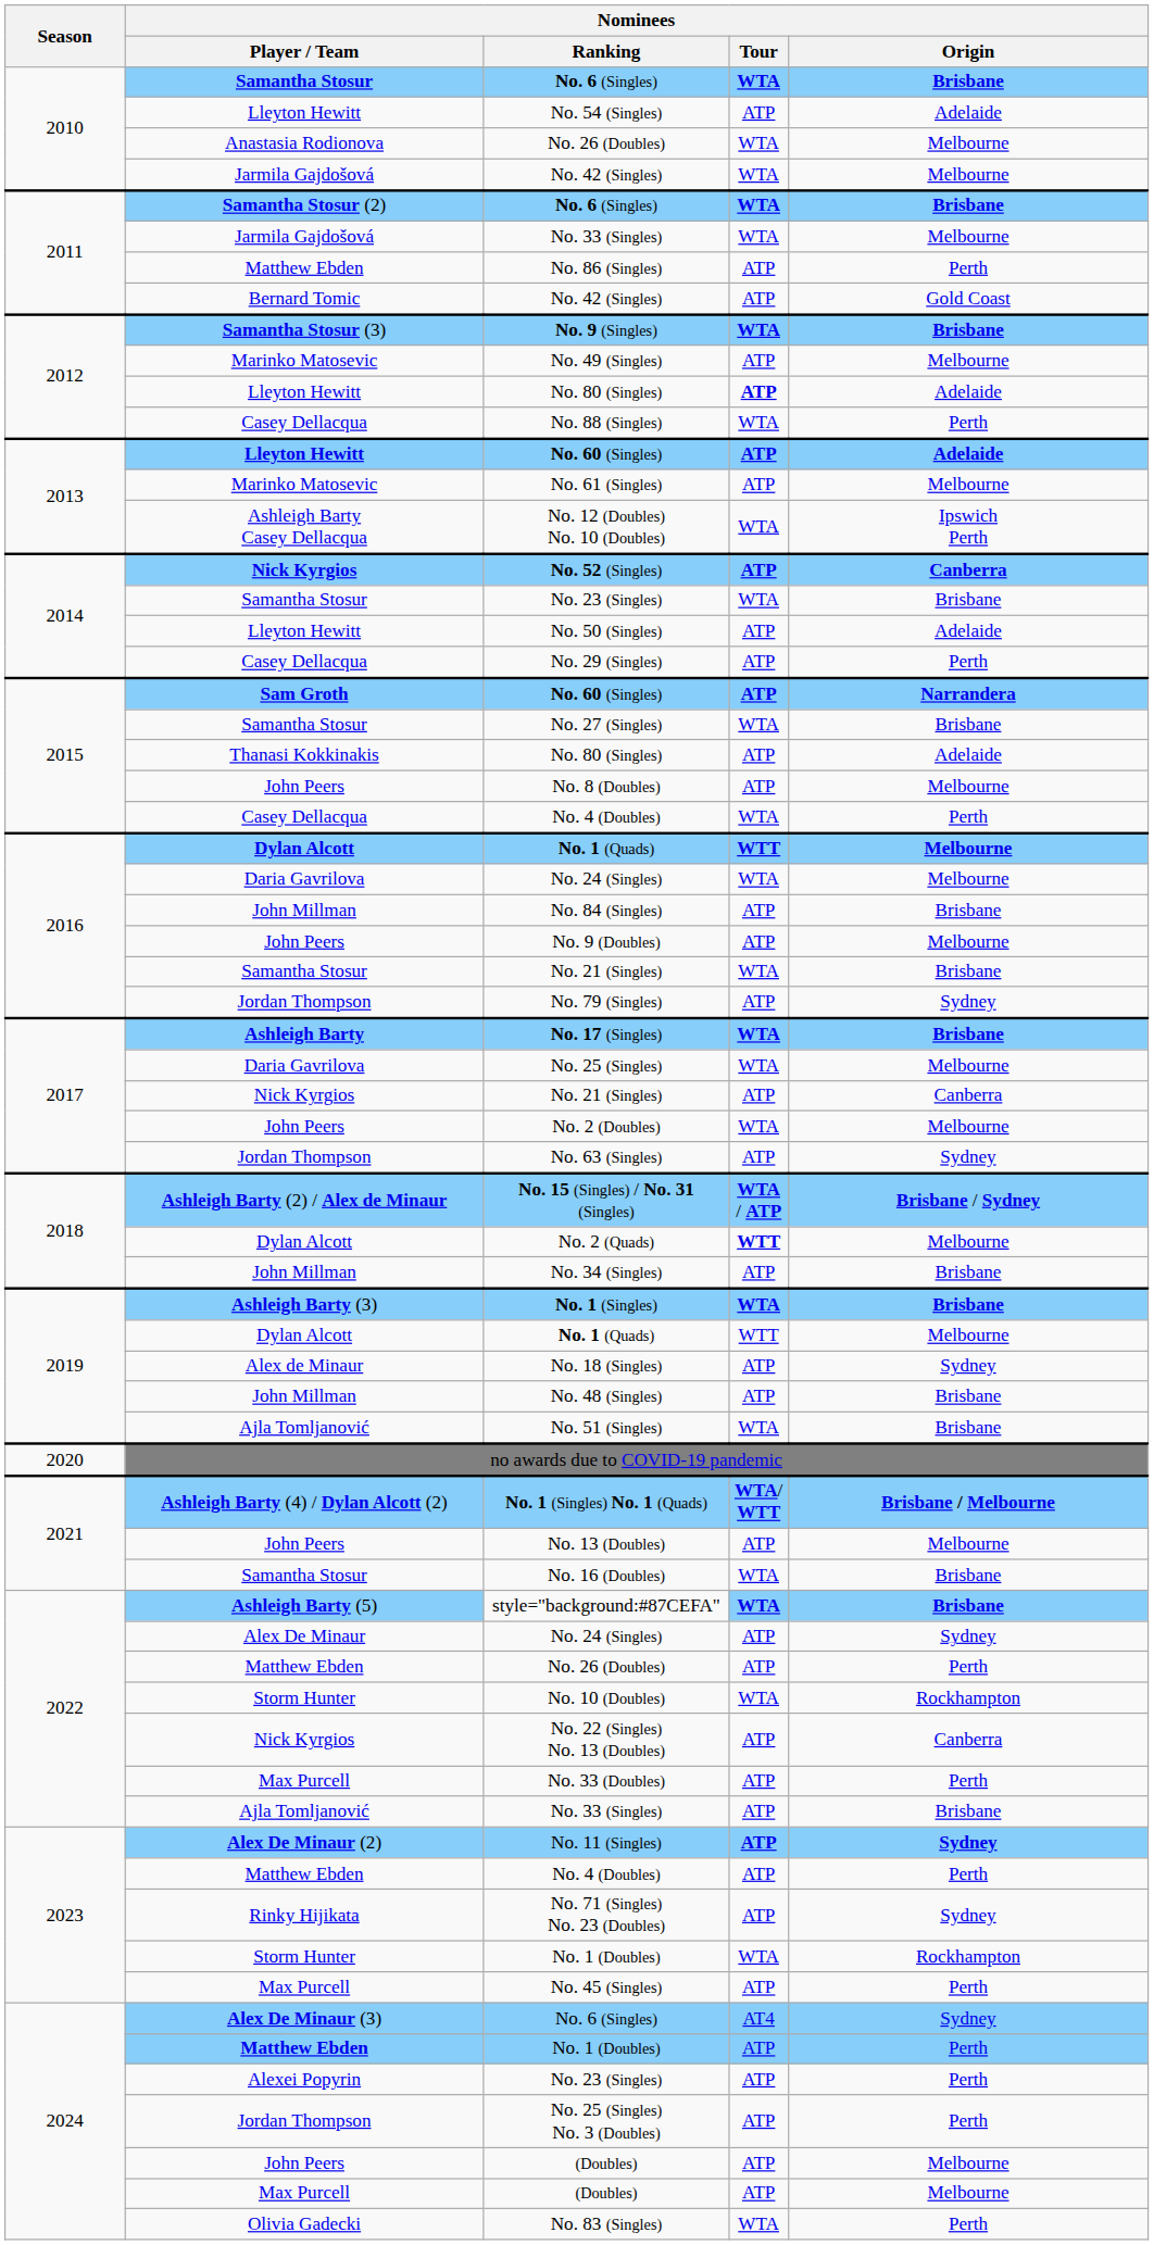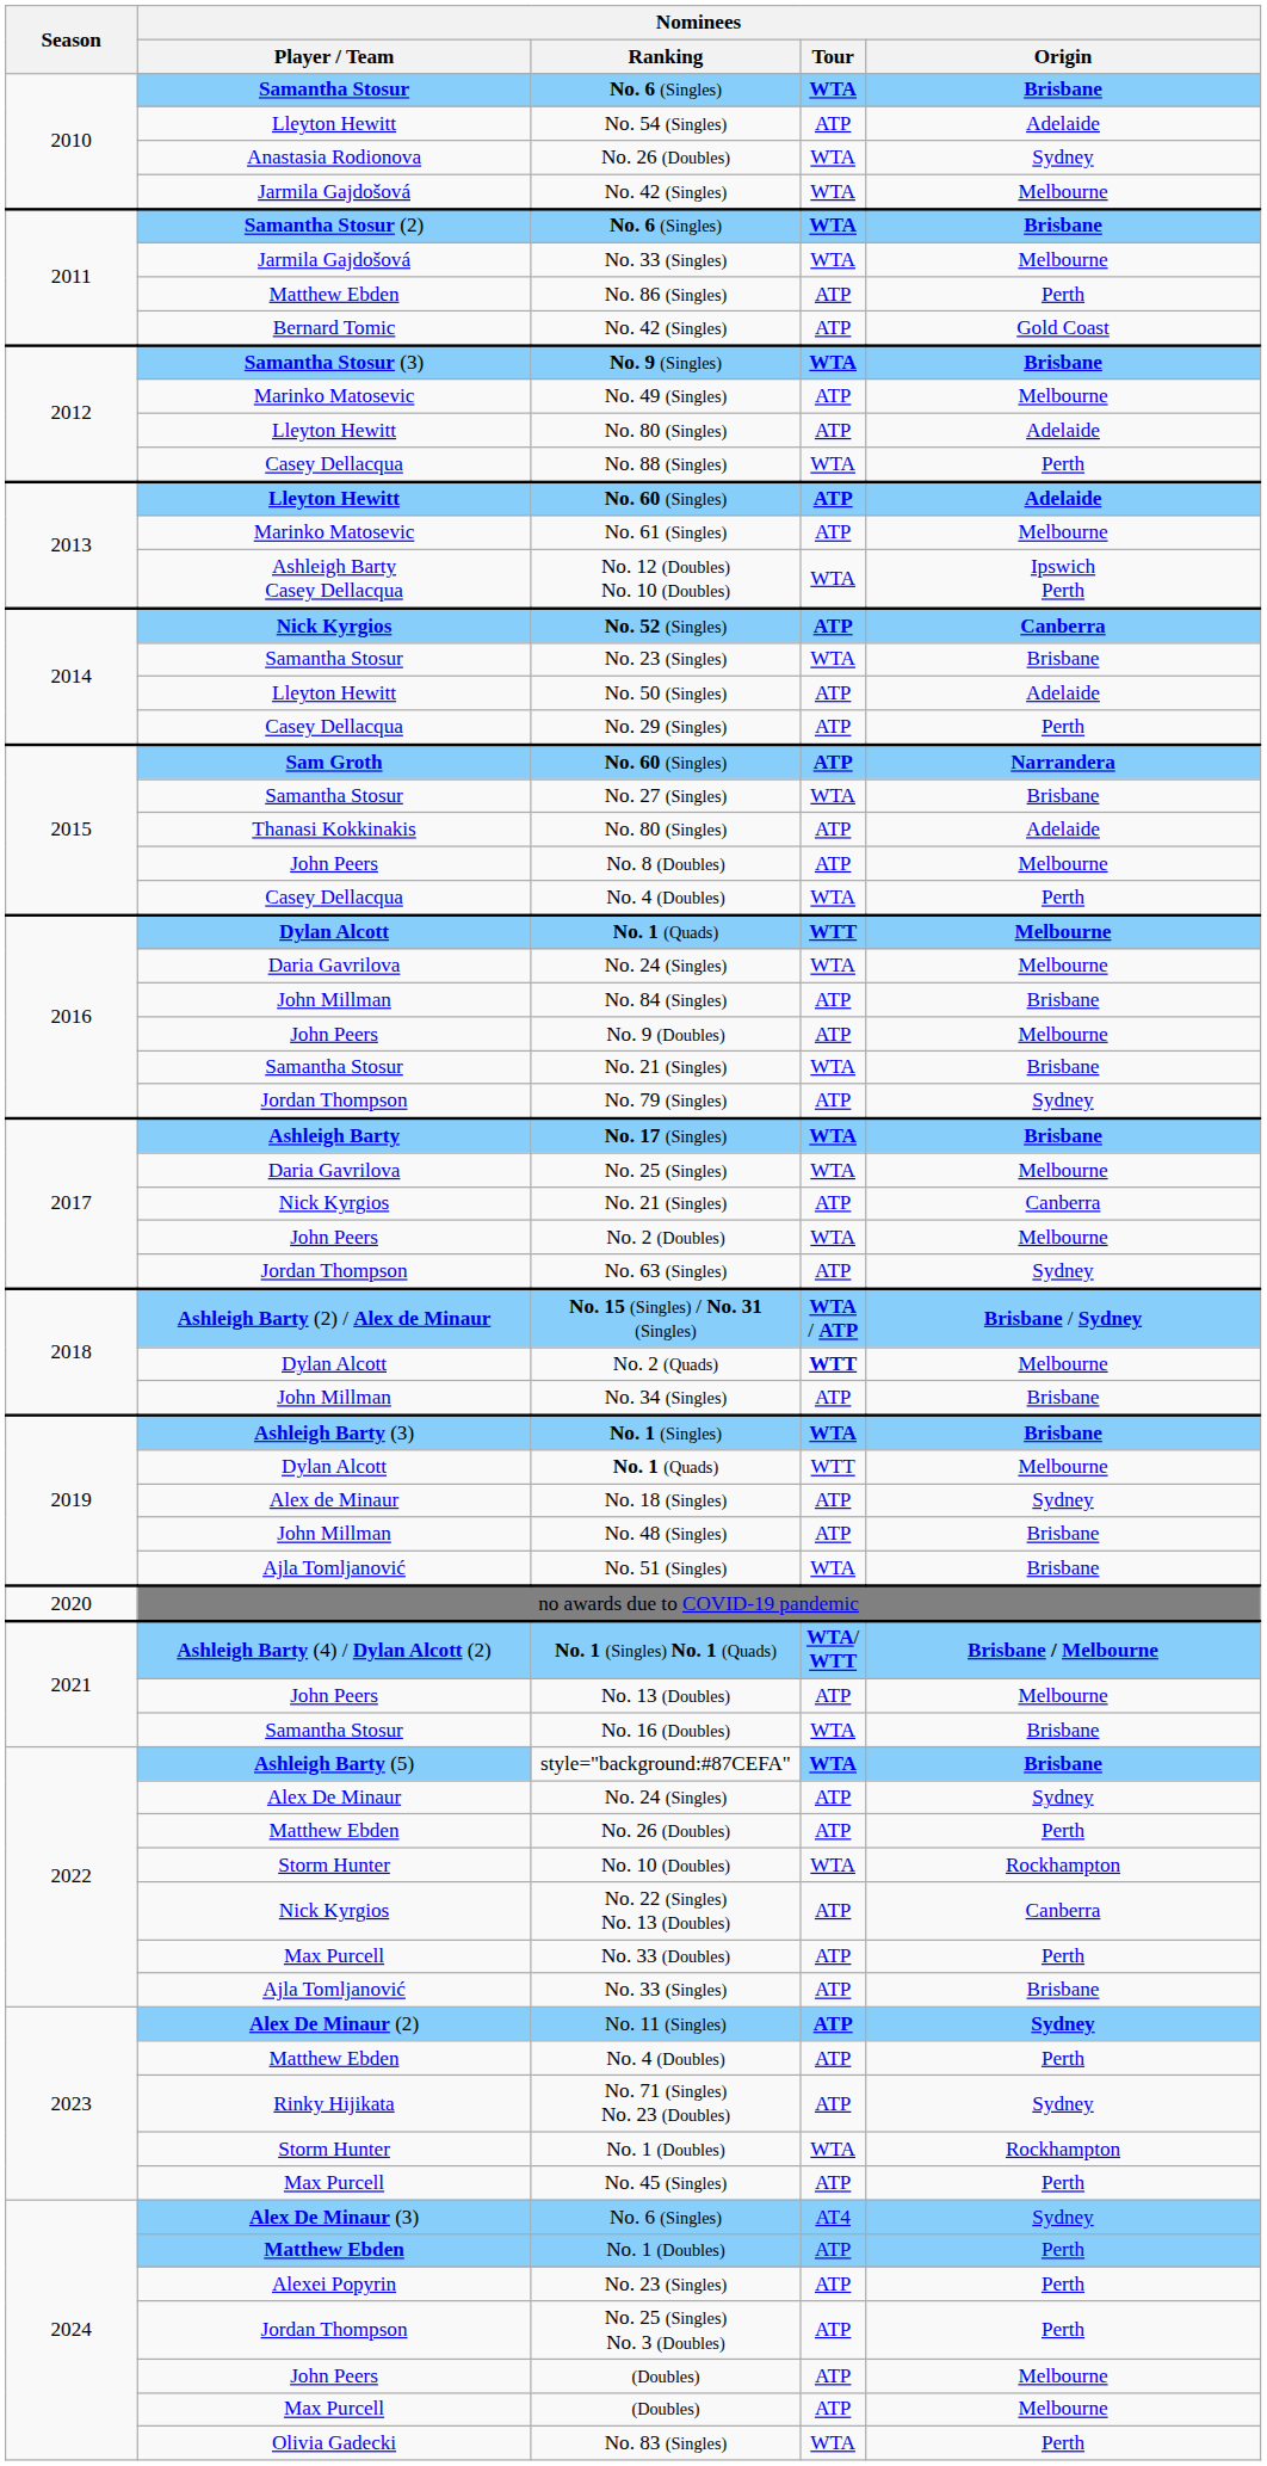 <table class="wikitable" style="width: 70%; text-align:center; font-size:90%">
 <tr>
 <th width=10% rowspan=2><strong>Season</strong></th>
 <th colspan=4><strong>Nominees</strong></th>
 </tr>
 <tr>
 <th width=30%>Player / Team</th>
 <th width=15%>Ranking</th>
 <th width=5%>Tour</th>
 <th width=30%>Origin</th>
 </tr>
 <tr>
 <td rowspan=4>2010</td>
 <td style="background:#87CEFA"><strong><a href='#'>Samantha Stosur</a></strong></td>
 <td style="background:#87CEFA"><strong>No. 6</strong> <small> (Singles) </small></td>
 <td style="background:#87CEFA"><strong><a href='#'>WTA</a></strong></td>
 <td style="background:#87CEFA"><strong><a href='#'>Brisbane</a></strong></td>
 </tr>
 <tr>
 <td><a href='#'>Lleyton Hewitt</a></td>
 <td>No. 54 <small> (Singles) </small></td>
 <td><a href='#'>ATP</a></td>
 <td><a href='#'>Adelaide</a></td>
 </tr>
 <tr>
 <td><a href='#'>Anastasia Rodionova</a></td>
 <td>No. 26 <small> (Doubles) </small></td>
 <td><a href='#'>WTA</a></td>
-<td><a href='#'>Melbourne</a></td>
+<td><a href='#'>Sydney</a></td>
 </tr>
 <tr>
 <td><a href='#'>Jarmila Gajdošová</a></td>
 <td>No. 42 <small> (Singles) </small></td>
 <td><a href='#'>WTA</a></td>
 <td><a href='#'>Melbourne</a></td>
 </tr>
 <tr style = "border-top:2px solid black;">
 <td rowspan=4>2011</td>
 <td style="background:#87CEFA"><strong><a href='#'>Samantha Stosur</a></strong> (2)</td>
 <td style="background:#87CEFA"><strong>No. 6</strong> <small> (Singles) </small></td>
 <td style="background:#87CEFA"><strong><a href='#'>WTA</a></strong></td>
 <td style="background:#87CEFA"><strong><a href='#'>Brisbane</a></strong></td>
 </tr>
 <tr>
 <td><a href='#'>Jarmila Gajdošová</a></td>
 <td>No. 33 <small> (Singles) </small></td>
 <td><a href='#'>WTA</a></td>
 <td><a href='#'>Melbourne</a></td>
 </tr>
 <tr>
 <td><a href='#'>Matthew Ebden</a></td>
 <td>No. 86 <small> (Singles) </small></td>
 <td><a href='#'>ATP</a></td>
 <td><a href='#'>Perth</a></td>
 </tr>
 <tr>
 <td><a href='#'>Bernard Tomic</a></td>
 <td>No. 42 <small> (Singles) </small></td>
 <td><a href='#'>ATP</a></td>
 <td><a href='#'>Gold Coast</a></td>
 </tr>
 <tr style = "border-top:2px solid black;">
 <td rowspan=4>2012</td>
 <td style="background:#87CEFA"><strong><a href='#'>Samantha Stosur</a></strong> (3)</td>
 <td style="background:#87CEFA"><strong>No. 9</strong> <small> (Singles) </small></td>
 <td style="background:#87CEFA"><strong><a href='#'>WTA</a></strong></td>
 <td style="background:#87CEFA"><strong><a href='#'>Brisbane</a></strong></td>
 </tr>
 <tr>
 <td><a href='#'>Marinko Matosevic</a></td>
 <td>No. 49 <small> (Singles) </small></td>
 <td><a href='#'>ATP</a></td>
 <td><a href='#'>Melbourne</a></td>
 </tr>
 <tr>
 <td><a href='#'>Lleyton Hewitt</a></td>
 <td>No. 80 <small> (Singles) </small></td>
-<td><strong><a href='#'>ATP</a></strong></td>
+<td><a href='#'>ATP</a></td>
 <td><a href='#'>Adelaide</a></td>
 </tr>
 <tr>
 <td><a href='#'>Casey Dellacqua</a></td>
 <td>No. 88 <small> (Singles) </small></td>
 <td><a href='#'>WTA</a></td>
 <td><a href='#'>Perth</a></td>
 </tr>
 <tr style = "border-top:2px solid black;">
 <td rowspan=3>2013</td>
 <td style="background:#87CEFA"><strong><a href='#'>Lleyton Hewitt</a></strong></td>
 <td style="background:#87CEFA"><strong>No. 60</strong> <small> (Singles) </small></td>
 <td style="background:#87CEFA"><strong><a href='#'>ATP</a></strong></td>
 <td style="background:#87CEFA"><strong><a href='#'>Adelaide</a></strong></td>
 </tr>
 <tr>
 <td><a href='#'>Marinko Matosevic</a></td>
 <td>No. 61 <small> (Singles) </small></td>
 <td><a href='#'>ATP</a></td>
 <td><a href='#'>Melbourne</a></td>
 </tr>
 <tr>
 <td><a href='#'>Ashleigh Barty</a> <br> <a href='#'>Casey Dellacqua</a></td>
 <td>No. 12 <small> (Doubles) </small> <br> No. 10 <small> (Doubles) </small></td>
 <td><a href='#'>WTA</a></td>
 <td><a href='#'>Ipswich</a><br><a href='#'>Perth</a></td>
 </tr>
 <tr style = "border-top:2px solid black;">
 <td rowspan=4>2014</td>
 <td style="background:#87CEFA"><strong><a href='#'>Nick Kyrgios</a></strong></td>
 <td style="background:#87CEFA"><strong>No. 52</strong> <small> (Singles) </small></td>
 <td style="background:#87CEFA"><strong><a href='#'>ATP</a></strong></td>
 <td style="background:#87CEFA"><strong><a href='#'>Canberra</a></strong></td>
 </tr>
 <tr>
 <td><a href='#'>Samantha Stosur</a></td>
 <td>No. 23 <small> (Singles) </small></td>
 <td><a href='#'>WTA</a></td>
 <td><a href='#'>Brisbane</a></td>
 </tr>
 <tr>
 <td><a href='#'>Lleyton Hewitt</a></td>
 <td>No. 50 <small> (Singles) </small></td>
 <td><a href='#'>ATP</a></td>
 <td><a href='#'>Adelaide</a></td>
 </tr>
 <tr>
 <td><a href='#'>Casey Dellacqua</a></td>
 <td>No. 29 <small> (Singles) </small></td>
 <td><a href='#'>ATP</a></td>
 <td><a href='#'>Perth</a></td>
 </tr>
 <tr style = "border-top:2px solid black;">
 <td rowspan=5>2015</td>
 <td style="background:#87CEFA"><strong><a href='#'>Sam Groth</a></strong></td>
 <td style="background:#87CEFA"><strong>No. 60</strong> <small> (Singles) </small></td>
 <td style="background:#87CEFA"><strong><a href='#'>ATP</a></strong></td>
 <td style="background:#87CEFA"><strong><a href='#'>Narrandera</a></strong></td>
 </tr>
 <tr>
 <td><a href='#'>Samantha Stosur</a></td>
 <td>No. 27 <small> (Singles) </small></td>
 <td><a href='#'>WTA</a></td>
 <td><a href='#'>Brisbane</a></td>
 </tr>
 <tr>
 <td><a href='#'>Thanasi Kokkinakis</a></td>
 <td>No. 80 <small> (Singles) </small></td>
 <td><a href='#'>ATP</a></td>
 <td><a href='#'>Adelaide</a></td>
 </tr>
 <tr>
 <td><a href='#'>John Peers</a></td>
 <td>No. 8 <small> (Doubles) </small></td>
 <td><a href='#'>ATP</a></td>
 <td><a href='#'>Melbourne</a></td>
 </tr>
 <tr>
 <td><a href='#'>Casey Dellacqua</a></td>
 <td>No. 4 <small> (Doubles) </small></td>
 <td><a href='#'>WTA</a></td>
 <td><a href='#'>Perth</a></td>
 </tr>
 <tr style = "border-top:2px solid black;">
 <td rowspan=6>2016</td>
 <td style="background:#87CEFA"><strong><a href='#'>Dylan Alcott</a></strong></td>
 <td style="background:#87CEFA"><strong>No. 1</strong> <small> (Quads) </small></td>
 <td style="background:#87CEFA"><strong><a href='#'>WTT</a></strong></td>
 <td style="background:#87CEFA"><strong><a href='#'>Melbourne</a></strong></td>
 </tr>
 <tr>
 <td><a href='#'>Daria Gavrilova</a></td>
 <td>No. 24 <small> (Singles) </small></td>
 <td><a href='#'>WTA</a></td>
 <td><a href='#'>Melbourne</a></td>
 </tr>
 <tr>
 <td><a href='#'>John Millman</a></td>
 <td>No. 84 <small> (Singles) </small></td>
 <td><a href='#'>ATP</a></td>
 <td><a href='#'>Brisbane</a></td>
 </tr>
 <tr>
 <td><a href='#'>John Peers</a></td>
 <td>No. 9 <small> (Doubles) </small></td>
 <td><a href='#'>ATP</a></td>
 <td><a href='#'>Melbourne</a></td>
 </tr>
 <tr>
 <td><a href='#'>Samantha Stosur</a></td>
 <td>No. 21 <small> (Singles) </small></td>
 <td><a href='#'>WTA</a></td>
 <td><a href='#'>Brisbane</a></td>
 </tr>
 <tr>
 <td><a href='#'>Jordan Thompson</a></td>
 <td>No. 79 <small> (Singles) </small></td>
 <td><a href='#'>ATP</a></td>
 <td><a href='#'>Sydney</a></td>
 </tr>
 <tr style = "border-top:2px solid black;">
 <td rowspan=5>2017</td>
 <td style="background:#87CEFA"><strong><a href='#'>Ashleigh Barty</a></strong></td>
 <td style="background:#87CEFA"><strong>No. 17</strong> <small> (Singles) </small></td>
 <td style="background:#87CEFA"><strong><a href='#'>WTA</a></strong></td>
 <td style="background:#87CEFA"><strong><a href='#'>Brisbane</a></strong></td>
 </tr>
 <tr>
 <td><a href='#'>Daria Gavrilova</a></td>
 <td>No. 25 <small> (Singles) </small></td>
 <td><a href='#'>WTA</a></td>
 <td><a href='#'>Melbourne</a></td>
 </tr>
 <tr>
 <td><a href='#'>Nick Kyrgios</a></td>
 <td>No. 21 <small> (Singles) </small></td>
 <td><a href='#'>ATP</a></td>
 <td><a href='#'>Canberra</a></td>
 </tr>
 <tr>
 <td><a href='#'>John Peers</a></td>
 <td>No. 2 <small> (Doubles) </small></td>
 <td><a href='#'>WTA</a></td>
 <td><a href='#'>Melbourne</a></td>
 </tr>
 <tr>
 <td><a href='#'>Jordan Thompson</a></td>
 <td>No. 63 <small> (Singles) </small></td>
 <td><a href='#'>ATP</a></td>
 <td><a href='#'>Sydney</a></td>
 </tr>
 <tr style = "border-top:2px solid black;">
 <td rowspan=3>2018</td>
 <td style="background:#87CEFA"><strong><a href='#'>Ashleigh Barty</a></strong> (2) / <strong><a href='#'>Alex de Minaur</a></strong></td>
 <td style="background:#87CEFA"><strong>No. 15</strong> <small> (Singles) </small> / <strong>No. 31</strong> <small> (Singles) </small></td>
 <td style="background:#87CEFA"><strong><a href='#'>WTA</a></strong> / <strong><a href='#'>ATP</a></strong></td>
 <td style="background:#87CEFA"><strong><a href='#'>Brisbane</a></strong> / <strong><a href='#'>Sydney</a></strong></td>
 </tr>
 <tr>
 <td><a href='#'>Dylan Alcott</a></td>
 <td>No. 2 <small> (Quads) </small></td>
 <td><strong><a href='#'>WTT</a></strong></td>
 <td><a href='#'>Melbourne</a></td>
 </tr>
 <tr>
 <td><a href='#'>John Millman</a></td>
 <td>No. 34 <small> (Singles) </small></td>
 <td><a href='#'>ATP</a></td>
 <td><a href='#'>Brisbane</a></td>
 </tr>
 <tr style = "border-top:2px solid black;">
 <td rowspan=5>2019</td>
 <td style="background:#87CEFA"><strong><a href='#'>Ashleigh Barty</a></strong> (3)</td>
 <td style="background:#87CEFA"><strong>No. 1</strong> <small> (Singles) </small></td>
 <td style="background:#87CEFA"><strong><a href='#'>WTA</a></strong></td>
 <td style="background:#87CEFA"><strong><a href='#'>Brisbane</a></strong></td>
 </tr>
 <tr>
 <td><a href='#'>Dylan Alcott</a></td>
 <td><strong>No. 1</strong> <small> (Quads) </small></td>
 <td><a href='#'>WTT</a></td>
 <td><a href='#'>Melbourne</a></td>
 </tr>
 <tr>
 <td><a href='#'>Alex de Minaur</a></td>
 <td>No. 18 <small> (Singles) </small></td>
 <td><a href='#'>ATP</a></td>
 <td><a href='#'>Sydney</a></td>
 </tr>
 <tr>
 <td><a href='#'>John Millman</a></td>
 <td>No. 48 <small> (Singles) </small></td>
 <td><a href='#'>ATP</a></td>
 <td><a href='#'>Brisbane</a></td>
 </tr>
 <tr>
 <td><a href='#'>Ajla Tomljanović</a></td>
 <td>No. 51 <small> (Singles) </small></td>
 <td><a href='#'>WTA</a></td>
 <td><a href='#'>Brisbane</a></td>
 </tr>
 <tr style = "border-top:2px solid black;">
 <td>2020</td>
 <td align="center" bgcolor="grey" colspan="4">no awards due to <a href='#'>COVID-19 pandemic</a></td>
 </tr>
 <tr style = "border-top:2px solid black;">
 <td rowspan=3>2021</td>
 <td style="background:#87CEFA"><strong><a href='#'>Ashleigh Barty</a></strong> (4) /  <strong><a href='#'>Dylan Alcott</a></strong> (2)</td>
 <td style="background:#87CEFA"><strong>No. 1</strong> <small> (Singles) </small> <strong>No. 1</strong> <small> (Quads) </small></td>
 <td style="background:#87CEFA"><strong><a href='#'>WTA</a></strong>/<strong> <a href='#'>WTT</a> </strong></td>
 <td style="background:#87CEFA"><strong><a href='#'>Brisbane</a> / <a href='#'>Melbourne</a></strong></td>
 </tr>
 <tr>
 <td><a href='#'>John Peers</a></td>
 <td>No. 13 <small> (Doubles) </small></td>
 <td><a href='#'>ATP</a></td>
 <td><a href='#'>Melbourne</a></td>
 </tr>
 <tr>
 <td><a href='#'>Samantha Stosur</a></td>
 <td>No. 16 <small> (Doubles) </small></td>
 <td><a href='#'>WTA</a></td>
 <td><a href='#'>Brisbane</a></td>
 </tr>
 <tr>
 <td rowspan=7>2022</td>
 <td style="background:#87CEFA"><strong><a href='#'>Ashleigh Barty</a></strong> (5)</td>
 <td>style="background:#87CEFA" </td>
 <td style="background:#87CEFA"><strong><a href='#'>WTA</a></strong></td>
 <td style="background:#87CEFA"><strong><a href='#'>Brisbane</a></strong></td>
 </tr>
 <tr>
 <td><a href='#'>Alex De Minaur</a></td>
 <td>No. 24 <small> (Singles) </small></td>
 <td><a href='#'>ATP</a></td>
 <td><a href='#'>Sydney</a></td>
 </tr>
 <tr>
 <td><a href='#'>Matthew Ebden</a></td>
 <td>No. 26 <small> (Doubles) </small></td>
 <td><a href='#'>ATP</a></td>
 <td><a href='#'>Perth</a></td>
 </tr>
 <tr>
 <td><a href='#'>Storm Hunter</a></td>
 <td>No. 10 <small> (Doubles) </small></td>
 <td><a href='#'>WTA</a></td>
 <td><a href='#'>Rockhampton</a></td>
 </tr>
 <tr>
 <td><a href='#'>Nick Kyrgios</a></td>
 <td>No. 22 <small> (Singles) </small> <br> No. 13 <small> (Doubles) </small></td>
 <td><a href='#'>ATP</a></td>
 <td><a href='#'>Canberra</a></td>
 </tr>
 <tr>
 <td><a href='#'>Max Purcell</a></td>
 <td>No. 33 <small> (Doubles) </small></td>
 <td><a href='#'>ATP</a></td>
 <td><a href='#'>Perth</a></td>
 </tr>
 <tr>
 <td><a href='#'>Ajla Tomljanović</a></td>
 <td>No. 33 <small> (Singles) </small></td>
 <td><a href='#'>ATP</a></td>
 <td><a href='#'>Brisbane</a></td>
 </tr>
 <tr>
 <td rowspan=5>2023</td>
 <td style="background:#87CEFA"><strong><a href='#'>Alex De Minaur</a></strong> (2)</td>
 <td style="background:#87CEFA">No. 11 <small> (Singles) </small></td>
 <td style="background:#87CEFA"><strong><a href='#'>ATP</a></strong></td>
 <td style="background:#87CEFA"><strong><a href='#'>Sydney</a></strong></td>
 </tr>
 <tr>
 <td><a href='#'>Matthew Ebden</a></td>
 <td>No. 4 <small> (Doubles) </small></td>
 <td><a href='#'>ATP</a></td>
 <td><a href='#'>Perth</a></td>
 </tr>
 <tr>
 <td><a href='#'>Rinky Hijikata</a></td>
 <td>No. 71 <small> (Singles) </small> <br> No. 23 <small> (Doubles) </small></td>
 <td><a href='#'>ATP</a></td>
 <td><a href='#'>Sydney</a></td>
 </tr>
 <tr>
 <td><a href='#'>Storm Hunter</a></td>
 <td>No. 1 <small> (Doubles) </small></td>
 <td><a href='#'>WTA</a></td>
 <td><a href='#'>Rockhampton</a></td>
 </tr>
 <tr>
 <td><a href='#'>Max Purcell</a></td>
 <td>No. 45 <small> (Singles) </small></td>
 <td><a href='#'>ATP</a></td>
 <td><a href='#'>Perth</a></td>
 </tr>
 <tr>
 <td rowspan=7>2024 </td>
 <td style="background:#87CEFA"><strong><a href='#'>Alex De Minaur</a></strong> (3)</td>
 <td style="background:#87CEFA">No. 6 <small> (Singles) </small></td>
 <td style="background:#87CEFA"><a href='#'>AT4</a></td>
 <td style="background:#87CEFA"><a href='#'>Sydney</a></td>
 </tr>
 <tr>
 <td style="background:#87CEFA"><strong><a href='#'>Matthew Ebden</a></strong></td>
 <td style="background:#87CEFA">No. 1 <small> (Doubles) </small></td>
 <td style="background:#87CEFA"><a href='#'>ATP</a></td>
 <td style="background:#87CEFA"><a href='#'>Perth</a></td>
 </tr>
 <tr>
 <td><a href='#'>Alexei Popyrin</a></td>
 <td>No. 23 <small> (Singles) </small></td>
 <td><a href='#'>ATP</a></td>
 <td><a href='#'>Perth</a></td>
 </tr>
 <tr>
 <td><a href='#'>Jordan Thompson</a></td>
 <td>No. 25 <small> (Singles) </small> <br> No. 3 <small> (Doubles) </small></td>
 <td><a href='#'>ATP</a></td>
 <td><a href='#'>Perth</a></td>
 </tr>
 <tr>
 <td><a href='#'>John Peers</a></td>
 <td><small> (Doubles) </small></td>
 <td><a href='#'>ATP</a></td>
 <td><a href='#'>Melbourne</a></td>
 </tr>
 <tr>
 <td><a href='#'>Max Purcell</a></td>
 <td><small> (Doubles) </small></td>
 <td><a href='#'>ATP</a></td>
 <td><a href='#'>Melbourne</a></td>
 </tr>
 <tr>
 <td><a href='#'>Olivia Gadecki</a></td>
 <td>No. 83 <small> (Singles) </small></td>
 <td><a href='#'>WTA</a></td>
 <td><a href='#'>Perth</a></td>
 </tr>
 </table>
